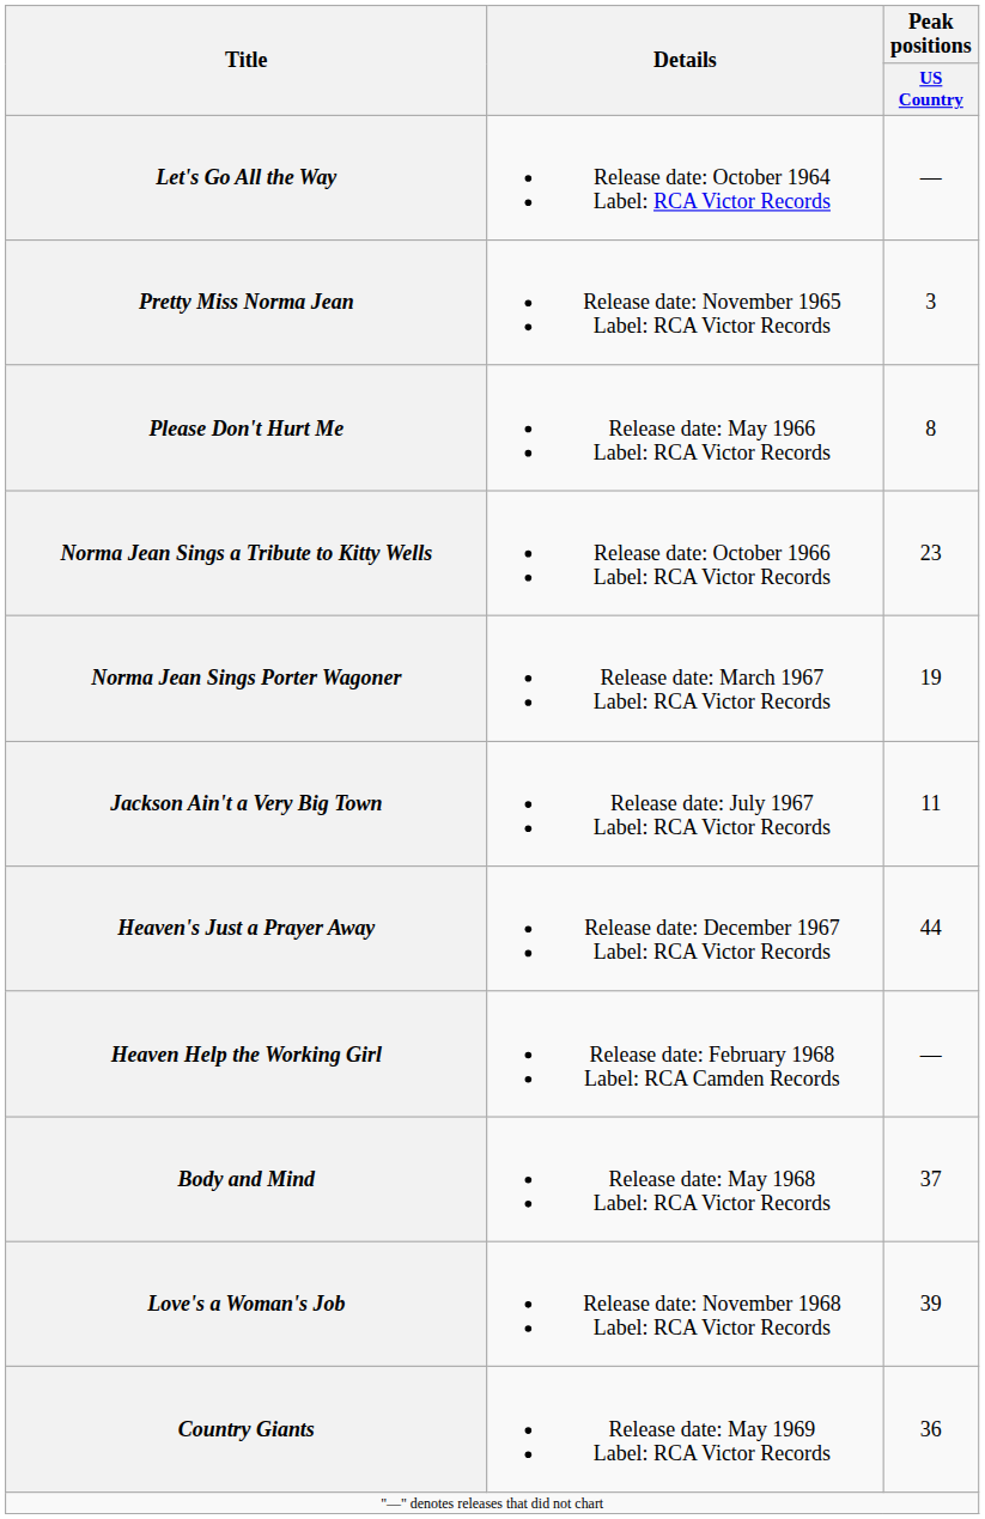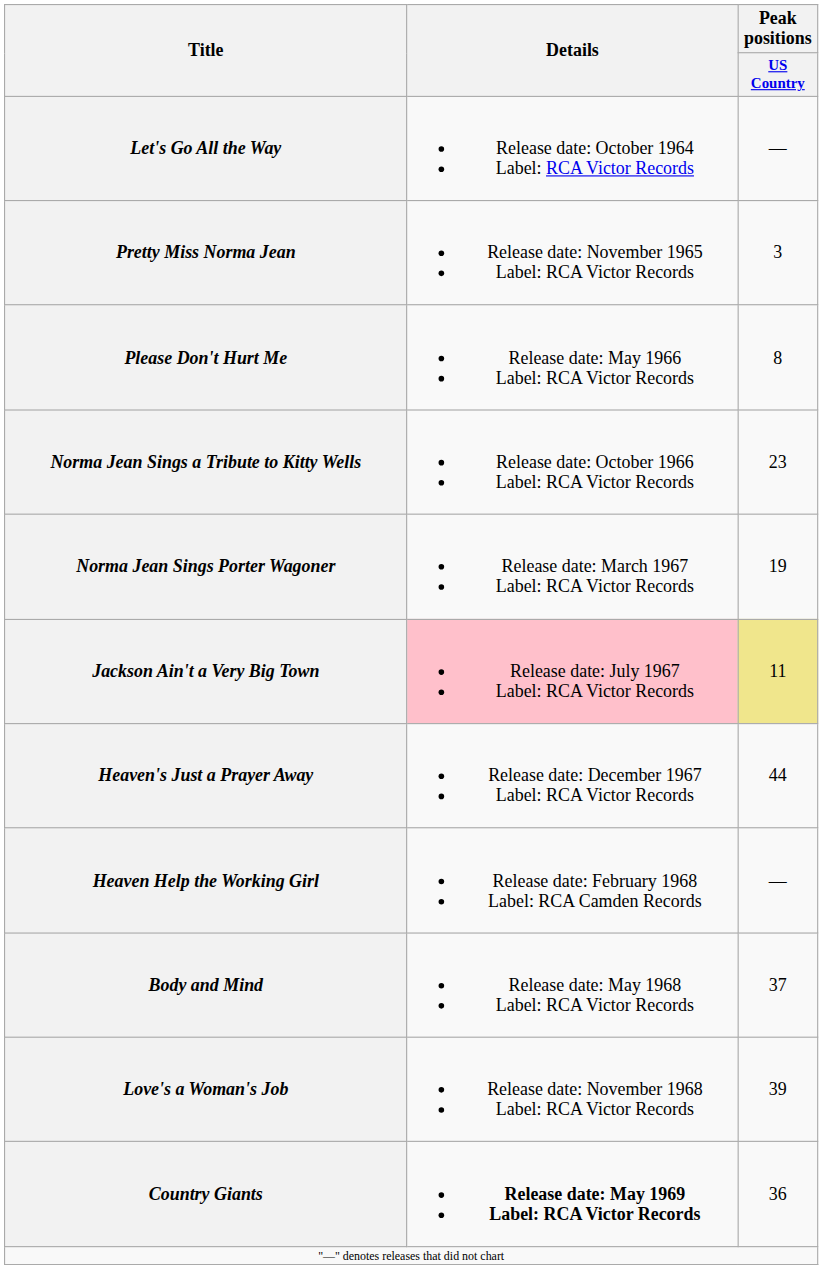 <table class="wikitable plainrowheaders" style="text-align:center;">
 <tr>
 <th rowspan="2" style="width:22em;">Title</th>
 <th rowspan="2" style="width:18em;">Details</th>
 <th>Peak positions</th>
 </tr>
 <tr style="font-size:smaller;">
 <th width="65"><a href='#'>US Country</a><br></th>
 </tr>
 <tr>
 <th scope="row"><em>Let's Go All the Way</em></th>
 <td><br><ul><li>Release date: October 1964</li><li>Label: <a href='#'>RCA Victor Records</a></li></ul></td>
 <td>—</td>
 </tr>
 <tr>
 <th scope="row"><em>Pretty Miss Norma Jean</em></th>
 <td><br><ul><li>Release date: November 1965</li><li>Label: RCA Victor Records</li></ul></td>
 <td>3</td>
 </tr>
 <tr>
 <th scope="row"><em>Please Don't Hurt Me</em></th>
 <td><br><ul><li>Release date: May 1966</li><li>Label: RCA Victor Records</li></ul></td>
 <td>8</td>
 </tr>
 <tr>
 <th scope="row"><em>Norma Jean Sings a Tribute to Kitty Wells</em></th>
 <td><br><ul><li>Release date: October 1966</li><li>Label: RCA Victor Records</li></ul></td>
 <td>23</td>
 </tr>
 <tr>
 <th scope="row"><em>Norma Jean Sings Porter Wagoner</em></th>
 <td><br><ul><li>Release date: March 1967</li><li>Label: RCA Victor Records</li></ul></td>
 <td>19</td>
 </tr>
 <tr>
 <th scope="row"><em>Jackson Ain't a Very Big Town</em></th>
-<td><br><ul><li>Release date: July 1967</li><li>Label: RCA Victor Records</li></ul></td>
-<td>11</td>
+<td style="background: pink;"><br><ul><li>Release date: July 1967</li><li>Label: RCA Victor Records</li></ul></td>
+<td style="background: khaki;">11</td>
 </tr>
 <tr>
 <th scope="row"><em>Heaven's Just a Prayer Away</em></th>
 <td><br><ul><li>Release date: December 1967</li><li>Label: RCA Victor Records</li></ul></td>
 <td>44</td>
 </tr>
 <tr>
 <th scope="row"><em>Heaven Help the Working Girl</em></th>
 <td><br><ul><li>Release date: February 1968</li><li>Label: RCA Camden Records</li></ul></td>
 <td>—</td>
 </tr>
 <tr>
 <th scope="row"><em>Body and Mind</em></th>
 <td><br><ul><li>Release date: May 1968</li><li>Label: RCA Victor Records</li></ul></td>
 <td>37</td>
 </tr>
 <tr>
 <th scope="row"><em>Love's a Woman's Job</em></th>
 <td><br><ul><li>Release date: November 1968</li><li>Label: RCA Victor Records</li></ul></td>
 <td>39</td>
 </tr>
 <tr>
 <th scope="row"><em>Country Giants</em></th>
-<td><br><ul><li>Release date: May 1969</li><li>Label: RCA Victor Records</li></ul></td>
+<td><strong><br><ul><li>Release date: May 1969</li><li>Label: RCA Victor Records</li></ul></strong></td>
 <td>36</td>
 </tr>
 <tr>
 <td colspan="3" style="font-size:8pt">"—" denotes releases that did not chart</td>
 </tr>
 <tr>
 </tr>
 </table>
